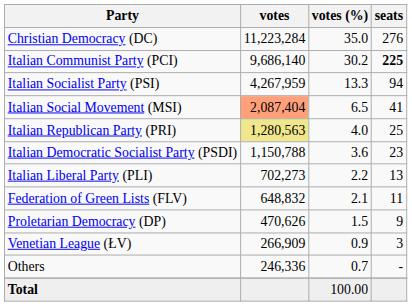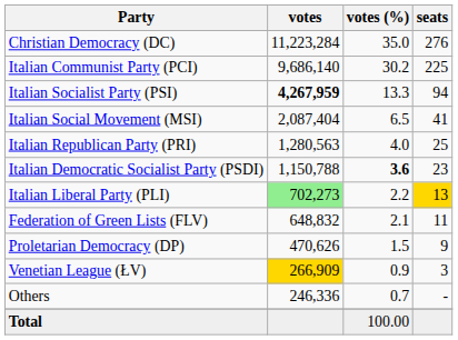 <table class="wikitable" style="font-size: 90%;">
 <tr bgcolor="EFEFEF">
 <th>Party</th>
 <th>votes</th>
 <th>votes (%)</th>
 <th>seats</th>
 </tr>
 <tr>
 <td><a href='#'>Christian Democracy</a> (DC)</td>
 <td align=right>11,223,284</td>
 <td align=right>35.0</td>
 <td align=right>276</td>
 </tr>
 <tr>
 <td><a href='#'>Italian Communist Party</a> (PCI)</td>
 <td align=right>9,686,140</td>
 <td align=right>30.2</td>
-<td align=right><strong>225</strong></td>
+<td align=right>225</td>
 </tr>
 <tr>
 <td><a href='#'>Italian Socialist Party</a> (PSI)</td>
-<td align=right>4,267,959</td>
+<td align=right><strong>4,267,959</strong></td>
 <td align=right>13.3</td>
 <td align=right>94</td>
 </tr>
 <tr>
 <td><a href='#'>Italian Social Movement</a> (MSI)</td>
-<td align=right style="background: lightsalmon;">2,087,404</td>
+<td align=right>2,087,404</td>
 <td align=right>6.5</td>
 <td align=right>41</td>
 </tr>
 <tr>
 <td><a href='#'>Italian Republican Party</a> (PRI)</td>
-<td align=right style="background: khaki;">1,280,563</td>
+<td align=right>1,280,563</td>
 <td align=right>4.0</td>
 <td align=right>25</td>
 </tr>
 <tr>
 <td><a href='#'>Italian Democratic Socialist Party</a> (PSDI)</td>
 <td align=right>1,150,788</td>
-<td align=right>3.6</td>
+<td align=right><strong>3.6</strong></td>
 <td align=right>23</td>
 </tr>
 <tr>
 <td><a href='#'>Italian Liberal Party</a> (PLI)</td>
-<td align=right>702,273</td>
+<td align=right style="background: lightgreen;">702,273</td>
 <td align=right>2.2</td>
-<td align=right>13</td>
+<td align=right style="background: gold;">13</td>
 </tr>
 <tr>
 <td><a href='#'>Federation of Green Lists</a> (FLV)</td>
 <td align=right>648,832</td>
 <td align=right>2.1</td>
 <td align=right>11</td>
 </tr>
 <tr>
 <td><a href='#'>Proletarian Democracy</a> (DP)</td>
 <td align=right>470,626</td>
 <td align=right>1.5</td>
 <td align=right>9</td>
 </tr>
 <tr>
 <td><a href='#'>Venetian League</a> (ŁV)</td>
-<td align=right>266,909</td>
+<td align=right style="background: gold;">266,909</td>
 <td align=right>0.9</td>
 <td align=right>3</td>
 </tr>
 <tr>
 <td>Others</td>
 <td align=right>246,336</td>
 <td align=right>0.7</td>
 <td align=right>-</td>
 </tr>
 <tr>
 </tr>
 <tr bgcolor="EFEFEF">
 <td align=left><strong>Total</strong></td>
 <td align=right></td>
 <td align=right>100.00</td>
 <td align=right></td>
 </tr>
 </table>
